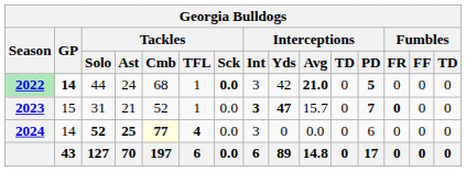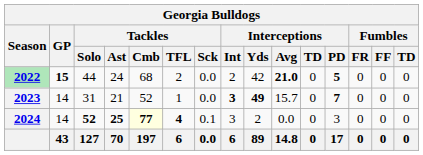 <table class="wikitable" style="text-align:center;">
 <tr>
 <th colspan="15">Georgia Bulldogs</th>
 </tr>
 <tr>
 <th rowspan="2">Season</th>
 <th rowspan="2">GP</th>
 <th colspan="5">Tackles</th>
 <th colspan="5">Interceptions</th>
 <th colspan="3">Fumbles</th>
 </tr>
 <tr>
 <th>Solo</th>
 <th>Ast</th>
 <th>Cmb</th>
 <th>TFL</th>
 <th>Sck</th>
 <th>Int</th>
 <th>Yds</th>
 <th>Avg</th>
 <th>TD</th>
 <th>PD</th>
 <th>FR</th>
 <th>FF</th>
 <th>TD</th>
 </tr>
 <tr>
 <th style="background:#afe6ba; width:3em;"><a href='#'>2022</a></th>
-<td><strong>14</strong></td>
+<td><strong>15</strong></td>
 <td>44</td>
 <td>24</td>
 <td>68</td>
-<td>1</td>
-<td><strong>0.0</strong></td>
-<td>3</td>
+<td>2</td>
+<td>0.0</td>
+<td>2</td>
 <td>42</td>
 <td><strong>21.0</strong></td>
 <td>0</td>
 <td><strong>5</strong></td>
 <td>0</td>
 <td>0</td>
 <td>0</td>
 </tr>
 <tr>
 <th><a href='#'>2023</a></th>
-<td>15</td>
+<td>14</td>
 <td>31</td>
 <td>21</td>
 <td>52</td>
 <td>1</td>
 <td>0.0</td>
 <td><strong>3</strong></td>
-<td><strong>47</strong></td>
+<td><strong>49</strong></td>
 <td>15.7</td>
 <td>0</td>
 <td><strong>7</strong></td>
-<td><strong>0</strong></td>
+<td>0</td>
 <td>0</td>
 <td>0</td>
 </tr>
 <tr>
 <th><a href='#'>2024</a></th>
 <td>14</td>
 <td><strong>52</strong></td>
 <td><strong>25</strong></td>
 <td style="background: lightyellow;"><strong>77</strong></td>
 <td><strong>4</strong></td>
-<td>0.0</td>
+<td>0.1</td>
 <td>3</td>
-<td>0</td>
+<td>2</td>
 <td>0.0</td>
 <td>0</td>
-<td>6</td>
+<td>3</td>
 <td>0</td>
 <td>0</td>
 <td>0</td>
 </tr>
 <tr>
 <th></th>
 <th>43</th>
 <th>127</th>
 <th>70</th>
 <th>197</th>
 <th>6</th>
 <th>0.0</th>
 <th>6</th>
 <th>89</th>
 <th>14.8</th>
 <th>0</th>
 <th>17</th>
 <th>0</th>
 <th>0</th>
 <th>0</th>
 </tr>
 </table>
